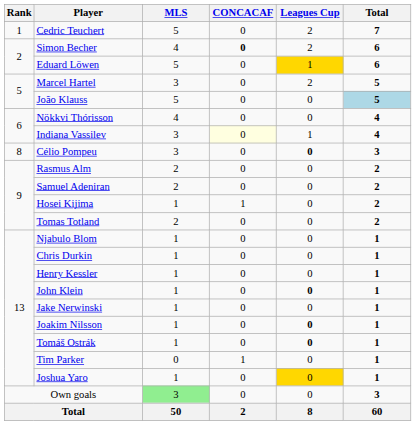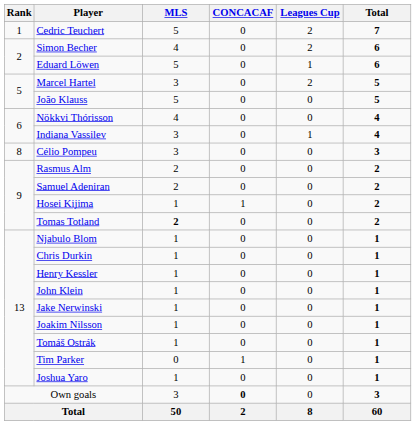 <table class="wikitable sortable nowrap" style="text-align:center; font-size:96%;">
 <tr>
 <th>Rank</th>
 <th width=150>Player</th>
 <th width=90><a href='#'>MLS</a></th>
 <th width=90><a href='#'>CONCACAF</a></th>
 <th width=90><a href='#'>Leagues Cup</a></th>
 <th width=90>Total</th>
 </tr>
 <tr>
 <td>1</td>
 <td style="text-align:left"> <a href='#'>Cedric Teuchert</a></td>
 <td>5</td>
 <td>0</td>
 <td>2</td>
 <td><strong>7</strong></td>
 </tr>
 <tr>
 <td rowspan="2">2</td>
 <td style="text-align:left"> <a href='#'>Simon Becher</a></td>
 <td>4</td>
-<td><strong>0</strong></td>
+<td>0</td>
 <td>2</td>
 <td><strong>6</strong></td>
 </tr>
 <tr>
 <td style="text-align:left"> <a href='#'>Eduard Löwen</a></td>
 <td>5</td>
 <td>0</td>
-<td style="background: gold;">1</td>
+<td>1</td>
 <td><strong>6</strong></td>
 </tr>
 <tr>
 <td rowspan="2">5</td>
 <td style="text-align:left"> <a href='#'>Marcel Hartel</a></td>
 <td>3</td>
 <td>0</td>
 <td>2</td>
 <td><strong>5</strong></td>
 </tr>
 <tr>
 <td style="text-align:left"> <a href='#'>João Klauss</a></td>
 <td>5</td>
 <td>0</td>
 <td>0</td>
-<td style="background: lightblue;"><strong>5</strong></td>
+<td><strong>5</strong></td>
 </tr>
 <tr>
 <td rowspan="2">6</td>
 <td style="text-align:left"> <a href='#'>Nökkvi Thórisson</a></td>
 <td>4</td>
 <td>0</td>
 <td>0</td>
 <td><strong>4</strong></td>
 </tr>
 <tr>
 <td style="text-align:left"> <a href='#'>Indiana Vassilev</a></td>
 <td>3</td>
-<td style="background: lightyellow;">0</td>
+<td>0</td>
 <td>1</td>
 <td><strong>4</strong></td>
 </tr>
 <tr>
 <td>8</td>
 <td style="text-align:left"> <a href='#'>Célio Pompeu</a></td>
 <td>3</td>
 <td>0</td>
-<td><strong>0</strong></td>
+<td>0</td>
 <td><strong>3</strong></td>
 </tr>
 <tr>
 <td rowspan="4">9</td>
 <td style="text-align:left"> <a href='#'>Rasmus Alm</a></td>
 <td>2</td>
 <td>0</td>
 <td>0</td>
 <td><strong>2</strong></td>
 </tr>
 <tr>
 <td style="text-align:left"> <a href='#'>Samuel Adeniran</a></td>
 <td>2</td>
 <td>0</td>
 <td>0</td>
 <td><strong>2</strong></td>
 </tr>
 <tr>
 <td style="text-align:left"> <a href='#'>Hosei Kijima</a></td>
 <td>1</td>
 <td>1</td>
 <td>0</td>
 <td><strong>2</strong></td>
 </tr>
 <tr>
 <td style="text-align:left"> <a href='#'>Tomas Totland</a></td>
-<td>2</td>
+<td><strong>2</strong></td>
 <td>0</td>
 <td>0</td>
 <td><strong>2</strong></td>
 </tr>
 <tr>
 <td rowspan="9">13</td>
 <td style="text-align:left"> <a href='#'>Njabulo Blom</a></td>
 <td>1</td>
 <td>0</td>
 <td>0</td>
 <td><strong>1</strong></td>
 </tr>
 <tr>
 <td style="text-align:left"> <a href='#'>Chris Durkin</a></td>
 <td>1</td>
 <td>0</td>
 <td>0</td>
 <td><strong>1</strong></td>
 </tr>
 <tr>
 <td style="text-align:left"> <a href='#'>Henry Kessler</a></td>
 <td>1</td>
 <td>0</td>
 <td>0</td>
 <td><strong>1</strong></td>
 </tr>
 <tr>
 <td style="text-align:left"> <a href='#'>John Klein</a></td>
 <td>1</td>
 <td>0</td>
-<td><strong>0</strong></td>
+<td>0</td>
 <td><strong>1</strong></td>
 </tr>
 <tr>
 <td style="text-align:left"> <a href='#'>Jake Nerwinski</a></td>
 <td>1</td>
 <td>0</td>
 <td>0</td>
 <td><strong>1</strong></td>
 </tr>
 <tr>
 <td style="text-align:left"> <a href='#'>Joakim Nilsson</a></td>
 <td>1</td>
 <td>0</td>
-<td><strong>0</strong></td>
+<td>0</td>
 <td><strong>1</strong></td>
 </tr>
 <tr>
 <td style="text-align:left"> <a href='#'>Tomáš Ostrák</a></td>
 <td>1</td>
 <td>0</td>
-<td><strong>0</strong></td>
+<td>0</td>
 <td><strong>1</strong></td>
 </tr>
 <tr>
 <td style="text-align:left"> <a href='#'>Tim Parker</a></td>
 <td>0</td>
 <td>1</td>
 <td>0</td>
 <td><strong>1</strong></td>
 </tr>
 <tr>
 <td style="text-align:left"> <a href='#'>Joshua Yaro</a></td>
 <td>1</td>
 <td>0</td>
-<td style="background: gold;">0</td>
+<td>0</td>
 <td><strong>1</strong></td>
 </tr>
 <tr class="sortbottom">
 <td colspan="2">Own goals</td>
-<td style="background: lightgreen;">3</td>
-<td>0</td>
+<td>3</td>
+<td><strong>0</strong></td>
 <td>0</td>
 <td><strong>3</strong></td>
 </tr>
 <tr>
 <th colspan="2">Total</th>
 <th>50</th>
 <th>2</th>
 <th>8</th>
 <th>60</th>
 </tr>
 </table>
